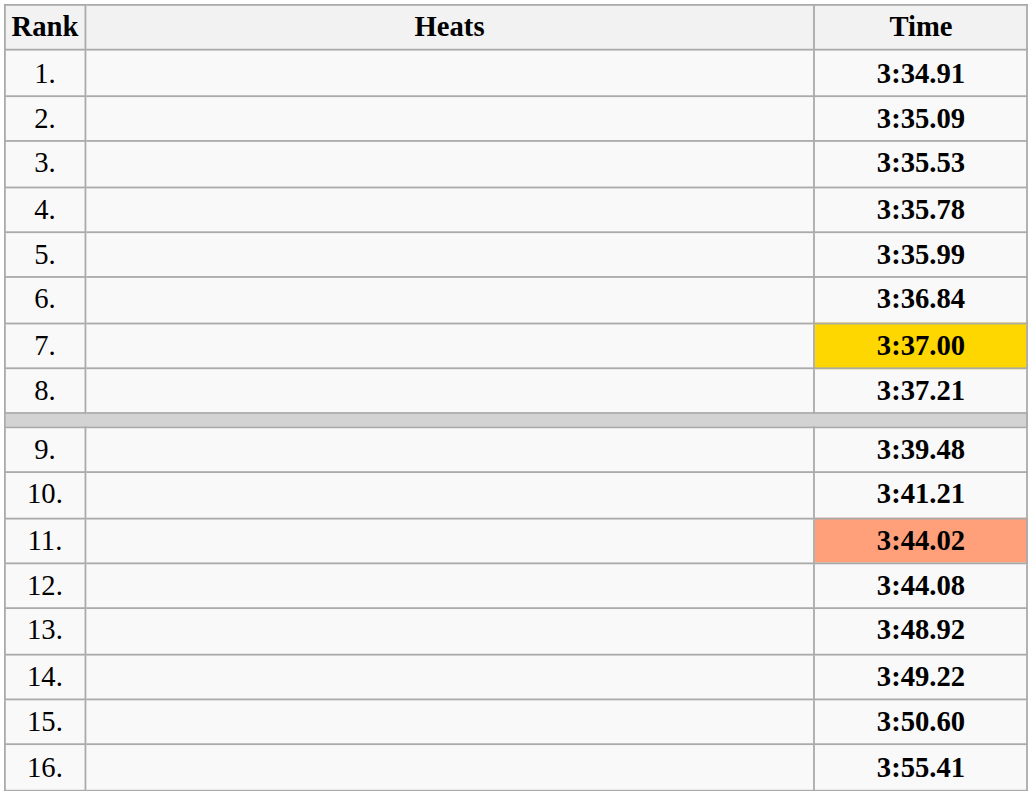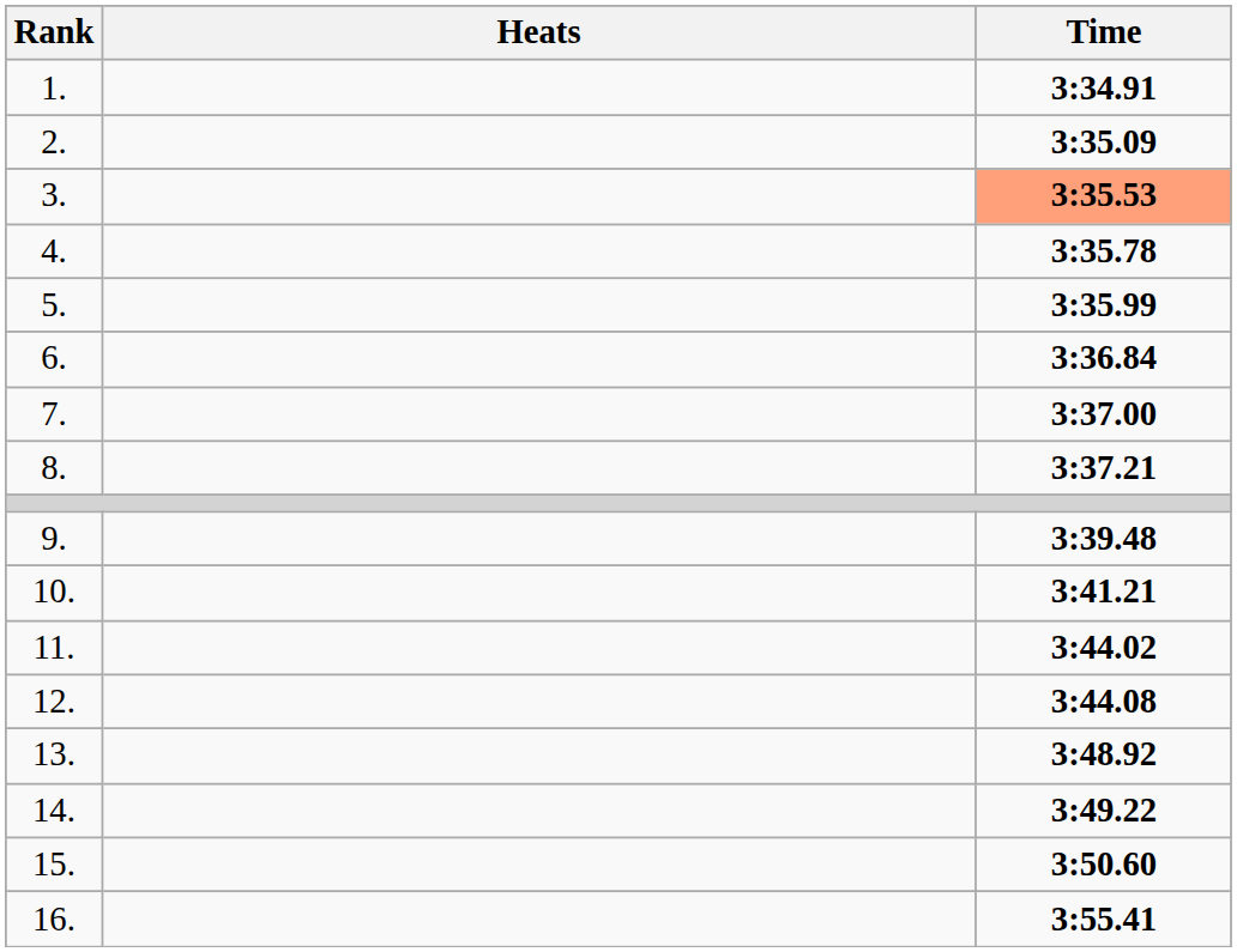 <table class="wikitable">
 <tr>
 <th>Rank</th>
 <th style="width: 25em">Heats</th>
 <th style="width: 7em">Time</th>
 </tr>
 <tr>
 <td align="center">1.</td>
 <td><strong></strong></td>
 <td align="center"><strong>3:34.91</strong></td>
 </tr>
 <tr>
 <td align="center">2.</td>
 <td><strong></strong></td>
 <td align="center"><strong>3:35.09</strong></td>
 </tr>
 <tr>
 <td align="center">3.</td>
 <td><strong></strong></td>
-<td align="center"><strong>3:35.53</strong></td>
+<td align="center" style="background: lightsalmon;"><strong>3:35.53</strong></td>
 </tr>
 <tr>
 <td align="center">4.</td>
 <td><strong></strong></td>
 <td align="center"><strong>3:35.78</strong></td>
 </tr>
 <tr>
 <td align="center">5.</td>
 <td><strong></strong></td>
 <td align="center"><strong>3:35.99</strong></td>
 </tr>
 <tr>
 <td align="center">6.</td>
 <td><strong></strong></td>
 <td align="center"><strong>3:36.84</strong></td>
 </tr>
 <tr>
 <td align="center">7.</td>
 <td><strong></strong></td>
-<td align="center" style="background: gold;"><strong>3:37.00</strong></td>
+<td align="center"><strong>3:37.00</strong></td>
 </tr>
 <tr>
 <td align="center">8.</td>
 <td><strong></strong></td>
 <td align="center"><strong>3:37.21</strong></td>
 </tr>
 <tr>
 <td colspan=3 bgcolor=lightgray></td>
 </tr>
 <tr>
 <td align="center">9.</td>
 <td><strong></strong></td>
 <td align="center"><strong>3:39.48</strong></td>
 </tr>
 <tr>
 <td align="center">10.</td>
 <td><strong></strong></td>
 <td align="center"><strong>3:41.21</strong></td>
 </tr>
 <tr>
 <td align="center">11.</td>
 <td><strong></strong></td>
-<td align="center" style="background: lightsalmon;"><strong>3:44.02</strong></td>
+<td align="center"><strong>3:44.02</strong></td>
 </tr>
 <tr>
 <td align="center">12.</td>
 <td><strong></strong></td>
 <td align="center"><strong>3:44.08</strong></td>
 </tr>
 <tr>
 <td align="center">13.</td>
 <td><strong></strong></td>
 <td align="center"><strong>3:48.92</strong></td>
 </tr>
 <tr>
 <td align="center">14.</td>
 <td><strong></strong></td>
 <td align="center"><strong>3:49.22</strong></td>
 </tr>
 <tr>
 <td align="center">15.</td>
 <td><strong></strong></td>
 <td align="center"><strong>3:50.60</strong></td>
 </tr>
 <tr>
 <td align="center">16.</td>
 <td><strong></strong></td>
 <td align="center"><strong>3:55.41</strong></td>
 </tr>
 </table>
